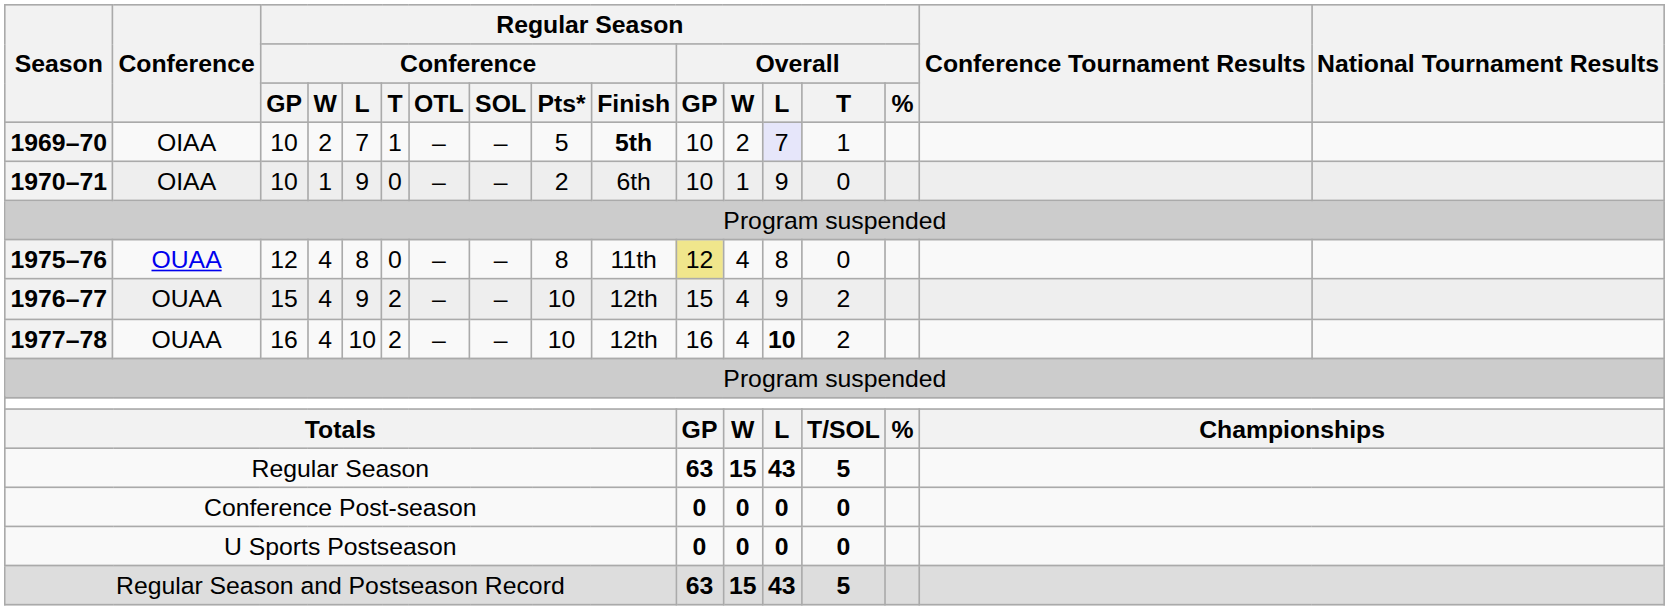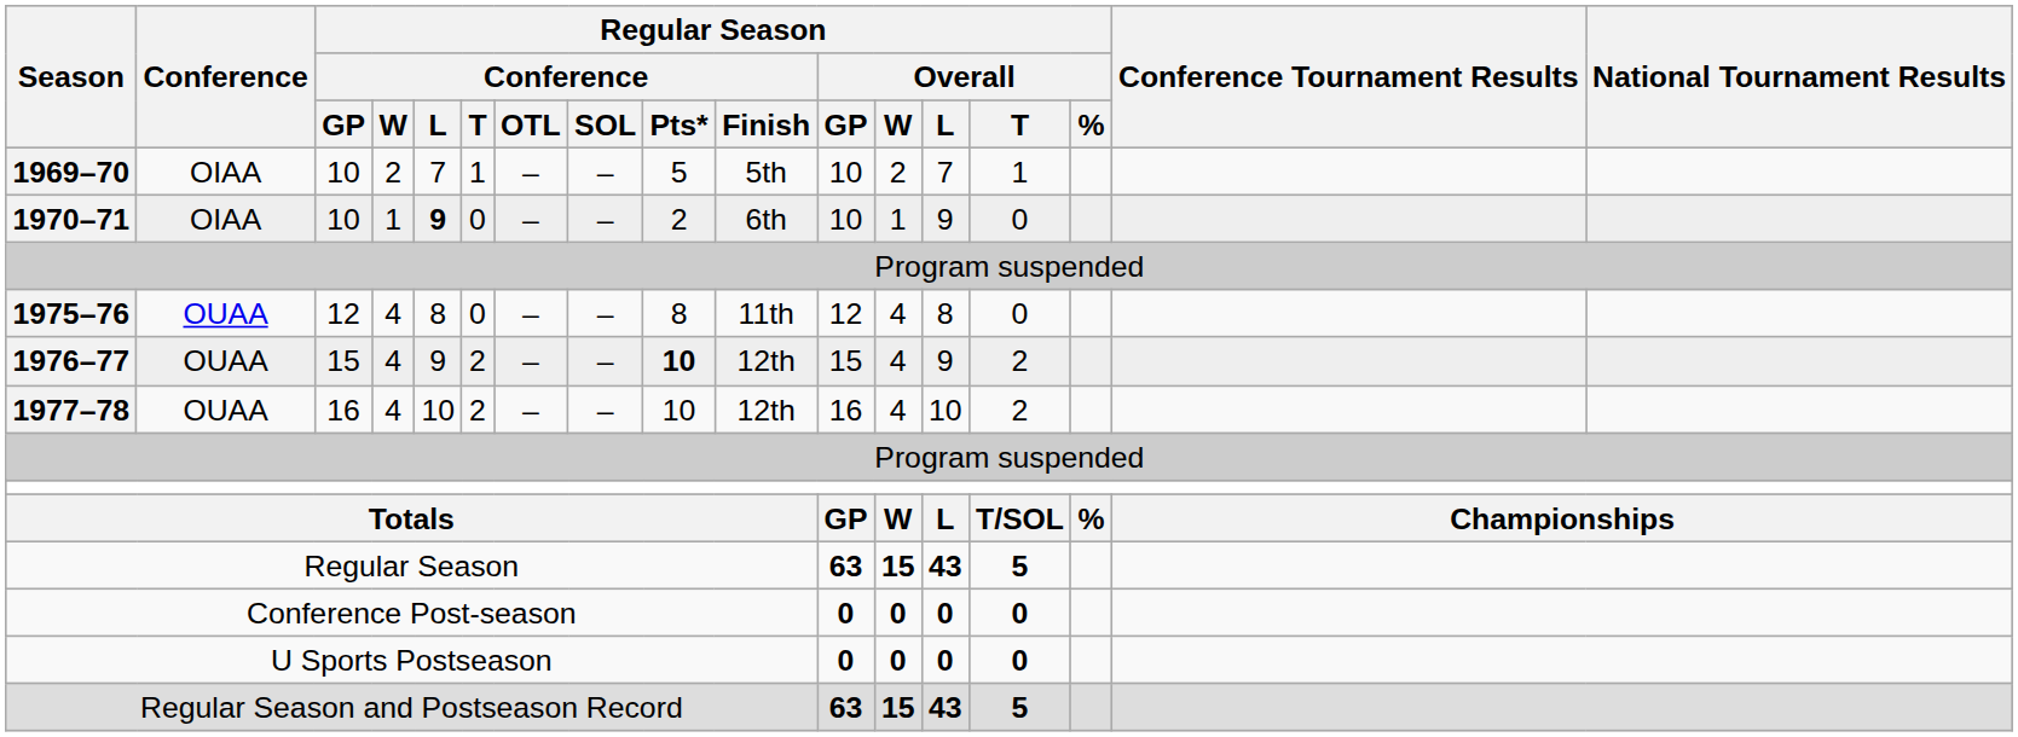 <table class="wikitable" style="text-align: center; font-size: 95%">
 <tr>
 <th rowspan="3">Season</th>
 <th rowspan="3">Conference</th>
 <th colspan="13">Regular Season</th>
 <th rowspan="3">Conference Tournament Results</th>
 <th rowspan="3">National Tournament Results</th>
 </tr>
 <tr>
 <th colspan="8">Conference</th>
 <th colspan="5">Overall</th>
 </tr>
 <tr>
 <th>GP</th>
 <th>W</th>
 <th>L</th>
 <th>T</th>
 <th>OTL</th>
 <th>SOL</th>
 <th>Pts*</th>
 <th>Finish</th>
 <th>GP</th>
 <th>W</th>
 <th>L</th>
 <th>T</th>
 <th>%</th>
 </tr>
 <tr>
 <th>1969–70</th>
 <td>OIAA</td>
 <td>10</td>
 <td>2</td>
 <td>7</td>
 <td>1</td>
 <td>–</td>
 <td>–</td>
 <td>5</td>
-<td><strong>5th</strong></td>
+<td>5th</td>
 <td>10</td>
 <td>2</td>
-<td style="background: lavender;">7</td>
+<td>7</td>
 <td>1</td>
 <td></td>
 <td align="left"></td>
 <td align="left"></td>
 </tr>
 <tr bgcolor=eeeeee>
 <th>1970–71</th>
 <td>OIAA</td>
 <td>10</td>
 <td>1</td>
-<td>9</td>
+<td><strong>9</strong></td>
 <td>0</td>
 <td>–</td>
 <td>–</td>
 <td>2</td>
 <td>6th</td>
 <td>10</td>
 <td>1</td>
 <td>9</td>
 <td>0</td>
 <td></td>
 <td align="left"></td>
 <td align="left"></td>
 </tr>
 <tr bgcolor=cccccc>
 <td colspan=18>Program suspended</td>
 </tr>
 <tr>
 <th>1975–76</th>
 <td><a href='#'>OUAA</a></td>
 <td>12</td>
 <td>4</td>
 <td>8</td>
 <td>0</td>
 <td>–</td>
 <td>–</td>
 <td>8</td>
 <td>11th</td>
-<td style="background: khaki;">12</td>
+<td>12</td>
 <td>4</td>
 <td>8</td>
 <td>0</td>
 <td></td>
 <td align="left"></td>
 <td align="left"></td>
 </tr>
 <tr bgcolor=eeeeee>
 <th>1976–77</th>
 <td>OUAA</td>
 <td>15</td>
 <td>4</td>
 <td>9</td>
 <td>2</td>
 <td>–</td>
 <td>–</td>
-<td>10</td>
+<td><strong>10</strong></td>
 <td>12th</td>
 <td>15</td>
 <td>4</td>
 <td>9</td>
 <td>2</td>
 <td></td>
 <td align="left"></td>
 <td align="left"></td>
 </tr>
 <tr>
 <th>1977–78</th>
 <td>OUAA</td>
 <td>16</td>
 <td>4</td>
 <td>10</td>
 <td>2</td>
 <td>–</td>
 <td>–</td>
 <td>10</td>
 <td>12th</td>
 <td>16</td>
 <td>4</td>
-<td><strong>10</strong></td>
+<td>10</td>
 <td>2</td>
 <td></td>
 <td align="left"></td>
 <td align="left"></td>
 </tr>
 <tr bgcolor=cccccc>
 <td colspan=18>Program suspended</td>
 </tr>
 <tr>
 </tr>
 <tr ->
 </tr>
 <tr>
 <td colspan="17" style="background:#fff;"></td>
 </tr>
 <tr>
 <th colspan="10">Totals</th>
 <th>GP</th>
 <th>W</th>
 <th>L</th>
 <th>T/SOL</th>
 <th>%</th>
 <th colspan="2">Championships</th>
 </tr>
 <tr>
 <td colspan="10">Regular Season</td>
 <td><strong>63</strong></td>
 <td><strong>15</strong></td>
 <td><strong>43</strong></td>
 <td><strong>5</strong></td>
 <td><strong></strong></td>
 <td colspan="2" align="left"></td>
 </tr>
 <tr>
 <td colspan="10">Conference Post-season</td>
 <td><strong>0</strong></td>
 <td><strong>0</strong></td>
 <td><strong>0</strong></td>
 <td><strong>0</strong></td>
 <td><strong></strong></td>
 <td colspan="2" align="left"></td>
 </tr>
 <tr>
 <td colspan="10">U Sports Postseason</td>
 <td><strong>0</strong></td>
 <td><strong>0</strong></td>
 <td><strong>0</strong></td>
 <td><strong>0</strong></td>
 <td><strong></strong></td>
 <td colspan="2" align="left"></td>
 </tr>
 <tr bgcolor=dddddd>
 <td colspan="10">Regular Season and Postseason Record</td>
 <td><strong>63</strong></td>
 <td><strong>15</strong></td>
 <td><strong>43</strong></td>
 <td><strong>5</strong></td>
 <td><strong></strong></td>
 <td colspan="2" align="left"></td>
 </tr>
 </table>
